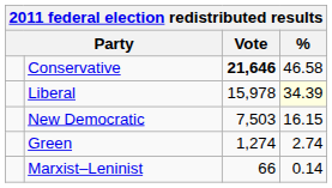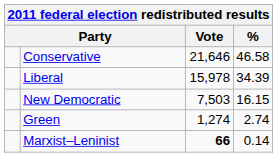 <table class="wikitable">
 <tr>
 <th colspan="4"><a href='#'>2011 federal election</a> redistributed results</th>
 </tr>
 <tr>
 <th bgcolor="#DDDDFF" width="130px" colspan="2">Party</th>
 <th bgcolor="#DDDDFF" width="50px">Vote</th>
 <th bgcolor="#DDDDFF" width="30px">%</th>
 </tr>
 <tr>
 <td> </td>
 <td><a href='#'>Conservative</a></td>
-<td align=right><strong>21,646</strong></td>
+<td align=right>21,646</td>
 <td align=right>46.58</td>
 </tr>
 <tr>
 <td> </td>
 <td><a href='#'>Liberal</a></td>
 <td align=right>15,978</td>
-<td align=right style="background: lightyellow;">34.39</td>
+<td align=right>34.39</td>
 </tr>
 <tr>
 <td> </td>
 <td><a href='#'>New Democratic</a></td>
 <td align=right>7,503</td>
 <td align=right>16.15</td>
 </tr>
 <tr>
 <td> </td>
 <td><a href='#'>Green</a></td>
 <td align=right>1,274</td>
 <td align=right>2.74</td>
 </tr>
 <tr>
 <td> </td>
 <td><a href='#'>Marxist–Leninist</a></td>
-<td align=right>66</td>
+<td align=right><strong>66</strong></td>
 <td align=right>0.14</td>
 </tr>
 </table>
